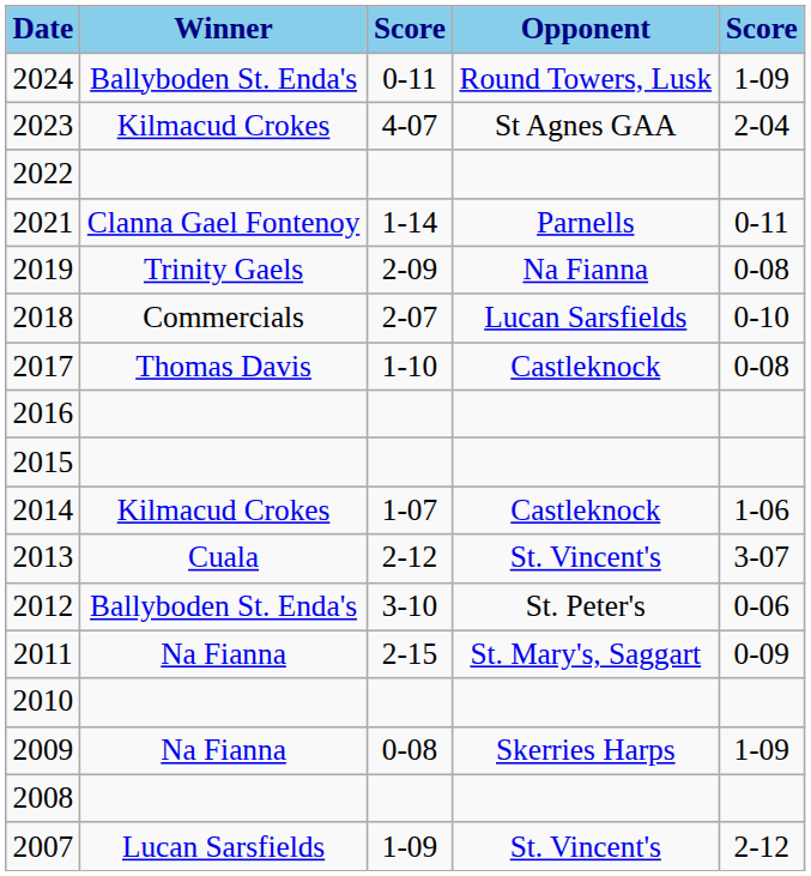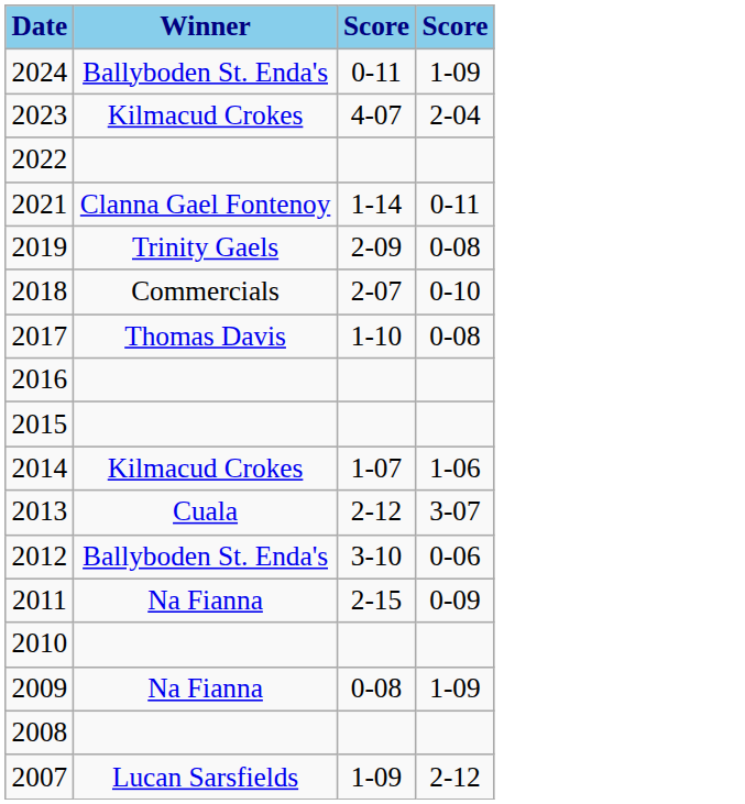 <table class="wikitable" style="text-align:center;">
 <tr>
 <th style="background:skyblue;color:navy;">Date</th>
 <th style="background:skyblue;color:navy;">Winner</th>
 <th style="background:skyblue;color:navy;">Score</th>
-<th style="background:skyblue;color:navy;">Opponent</th>
 <th style="background:skyblue;color:navy;">Score</th>
 </tr>
 <tr>
 <td>2024</td>
 <td><a href='#'>Ballyboden St. Enda's</a></td>
 <td>0-11</td>
-<td><a href='#'>Round Towers, Lusk</a></td>
 <td>1-09</td>
 </tr>
 <tr>
 <td>2023</td>
 <td><a href='#'>Kilmacud Crokes</a></td>
 <td>4-07</td>
-<td>St Agnes GAA</td>
 <td>2-04</td>
 </tr>
 <tr>
 <td>2022</td>
-<td></td>
 <td></td>
 <td></td>
 <td></td>
 </tr>
 <tr>
 <td>2021</td>
 <td><a href='#'>Clanna Gael Fontenoy</a></td>
 <td>1-14</td>
-<td><a href='#'>Parnells</a></td>
 <td>0-11</td>
 </tr>
 <tr>
 <td>2019</td>
 <td><a href='#'>Trinity Gaels</a></td>
 <td>2-09</td>
-<td><a href='#'>Na Fianna</a></td>
 <td>0-08</td>
 </tr>
 <tr>
 <td>2018</td>
 <td>Commercials</td>
 <td>2-07</td>
-<td><a href='#'>Lucan Sarsfields</a></td>
 <td>0-10</td>
 </tr>
 <tr>
 <td>2017</td>
 <td><a href='#'>Thomas Davis</a></td>
 <td>1-10</td>
-<td><a href='#'>Castleknock</a></td>
 <td>0-08</td>
 </tr>
 <tr>
 <td>2016</td>
-<td></td>
 <td></td>
 <td></td>
 <td></td>
 </tr>
 <tr>
 <td>2015</td>
 <td></td>
 <td></td>
 <td></td>
-<td></td>
 </tr>
 <tr>
 <td>2014</td>
 <td><a href='#'>Kilmacud Crokes</a></td>
 <td>1-07</td>
-<td><a href='#'>Castleknock</a></td>
 <td>1-06</td>
 </tr>
 <tr>
 <td>2013</td>
 <td><a href='#'>Cuala</a></td>
 <td>2-12</td>
-<td><a href='#'>St. Vincent's</a></td>
 <td>3-07</td>
 </tr>
 <tr>
 <td>2012</td>
 <td><a href='#'>Ballyboden St. Enda's</a></td>
 <td>3-10</td>
-<td>St. Peter's</td>
 <td>0-06</td>
 </tr>
 <tr>
 <td>2011</td>
 <td><a href='#'>Na Fianna</a></td>
 <td>2-15</td>
-<td><a href='#'>St. Mary's, Saggart</a></td>
 <td>0-09</td>
 </tr>
 <tr>
 <td>2010</td>
-<td></td>
 <td></td>
 <td></td>
 <td></td>
 </tr>
 <tr>
 <td>2009</td>
 <td><a href='#'>Na Fianna</a></td>
 <td>0-08</td>
-<td><a href='#'>Skerries Harps</a></td>
 <td>1-09</td>
 </tr>
 <tr>
 <td>2008</td>
-<td></td>
 <td></td>
 <td></td>
 <td></td>
 </tr>
 <tr>
 <td>2007</td>
 <td><a href='#'>Lucan Sarsfields</a></td>
 <td>1-09</td>
-<td><a href='#'>St. Vincent's</a></td>
 <td>2-12</td>
 </tr>
 </table>
